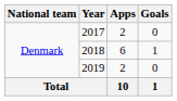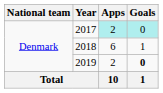 <table class="wikitable" style="text-align:center">
 <tr>
 <th>National team</th>
 <th>Year</th>
 <th>Apps</th>
 <th>Goals</th>
 </tr>
 <tr>
 <td rowspan="3"><a href='#'>Denmark</a></td>
 <td>2017</td>
-<td>2</td>
-<td>0</td>
+<td style="background: paleturquoise;">2</td>
+<td style="background: paleturquoise;">0</td>
 </tr>
 <tr>
 <td>2018</td>
 <td>6</td>
 <td>1</td>
 </tr>
 <tr>
 <td>2019</td>
 <td>2</td>
-<td>0</td>
+<td><strong>0</strong></td>
 </tr>
 <tr>
 <th colspan="2">Total</th>
 <th>10</th>
 <th>1</th>
 </tr>
 </table>
